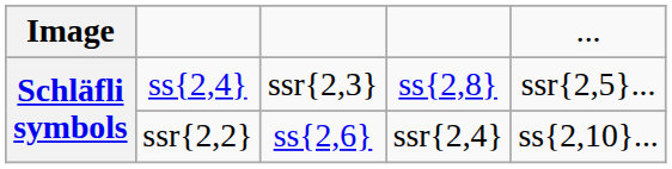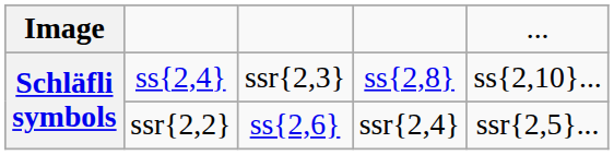 <table class=wikitable>
 <tr align=center>
 <th>Image</th>
 <td></td>
 <td></td>
 <td></td>
 <td>...</td>
 </tr>
 <tr align=center>
 <th rowspan=2><a href='#'>Schläfli<br>symbols</a></th>
 <td><a href='#'>ss{2,4}</a></td>
 <td>ssr{2,3}<br></td>
 <td><a href='#'>ss{2,8}</a></td>
-<td>ssr{2,5}...<br></td>
+<td>ss{2,10}...</td>
 </tr>
 <tr align=center>
 <td>ssr{2,2}<br></td>
 <td><a href='#'>ss{2,6}</a></td>
 <td>ssr{2,4}<br></td>
-<td>ss{2,10}...</td>
+<td>ssr{2,5}...<br></td>
 </tr>
 </table>
